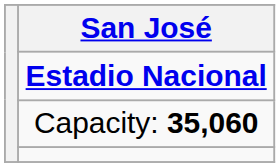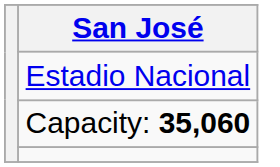 <table class=wikitable style="text-align:center">
 <tr>
 <th rowspan=4></th>
 <th><a href='#'>San José</a></th>
 </tr>
 <tr>
-<td><strong><a href='#'>Estadio Nacional</a></strong></td>
+<td><a href='#'>Estadio Nacional</a></td>
 </tr>
 <tr>
 <td>Capacity: <strong>35,060</strong></td>
 </tr>
 <tr>
 <td></td>
 </tr>
 </table>
